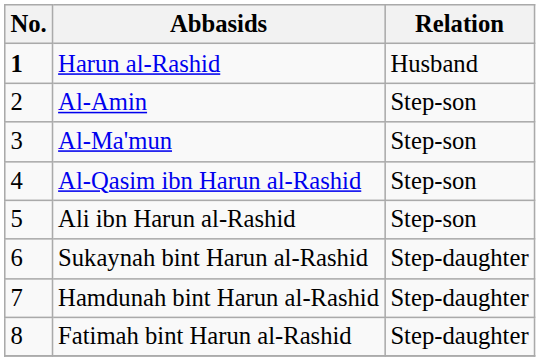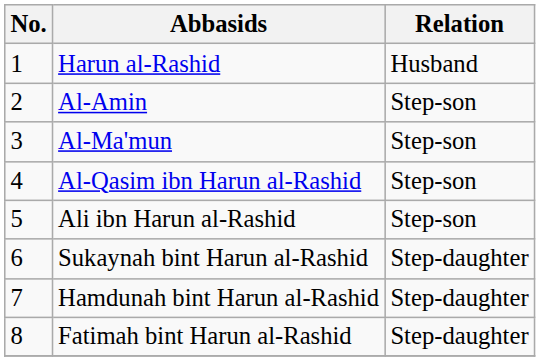 <table class="wikitable" border="2">
 <tr>
 <th>No.</th>
 <th>Abbasids</th>
 <th>Relation</th>
 </tr>
 <tr>
-<td><strong>1</strong></td>
+<td>1</td>
 <td><a href='#'>Harun al-Rashid</a></td>
 <td>Husband</td>
 </tr>
 <tr>
 <td>2</td>
 <td><a href='#'>Al-Amin</a></td>
 <td>Step-son</td>
 </tr>
 <tr>
 <td>3</td>
 <td><a href='#'>Al-Ma'mun</a></td>
 <td>Step-son</td>
 </tr>
 <tr>
 <td>4</td>
 <td><a href='#'>Al-Qasim ibn Harun al-Rashid</a></td>
 <td>Step-son</td>
 </tr>
 <tr>
 <td>5</td>
 <td>Ali ibn Harun al-Rashid</td>
 <td>Step-son</td>
 </tr>
 <tr>
 <td>6</td>
 <td>Sukaynah bint Harun al-Rashid</td>
 <td>Step-daughter</td>
 </tr>
 <tr>
 <td>7</td>
 <td>Hamdunah bint Harun al-Rashid</td>
 <td>Step-daughter</td>
 </tr>
 <tr>
 <td>8</td>
 <td>Fatimah bint Harun al-Rashid</td>
 <td>Step-daughter</td>
 </tr>
 <tr>
 </tr>
 </table>
